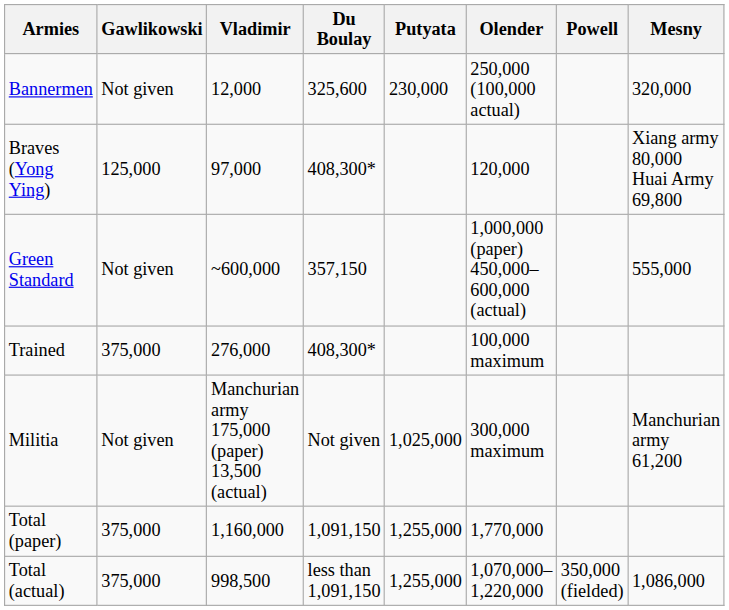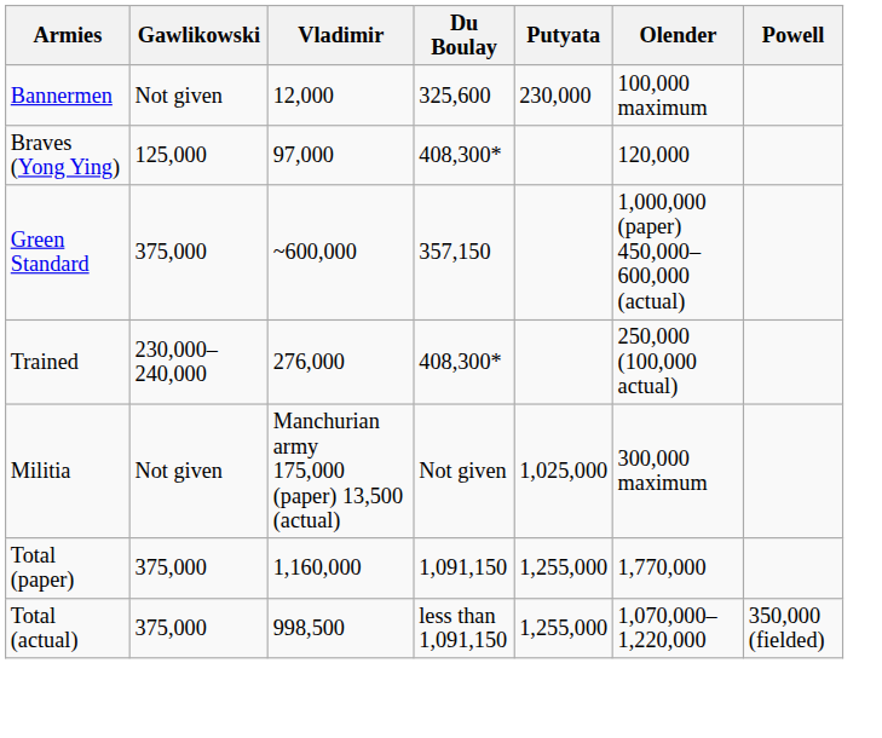 <table class="wikitable">
 <tr>
 <th>Armies</th>
 <th>Gawlikowski</th>
 <th>Vladimir</th>
 <th>Du Boulay</th>
 <th>Putyata</th>
 <th>Olender</th>
 <th>Powell</th>
-<th>Mesny</th>
 </tr>
 <tr>
 <td><a href='#'>Bannermen</a></td>
 <td>Not given</td>
 <td>12,000</td>
 <td>325,600</td>
 <td>230,000</td>
-<td>250,000<br>(100,000 actual)</td>
+<td>100,000 maximum</td>
 <td></td>
-<td>320,000</td>
 </tr>
 <tr>
 <td>Braves (<a href='#'>Yong Ying</a>)</td>
 <td>125,000</td>
 <td>97,000</td>
 <td>408,300*</td>
 <td></td>
 <td>120,000</td>
 <td></td>
-<td>Xiang army 80,000<br>Huai Army 69,800</td>
 </tr>
 <tr>
 <td><a href='#'>Green Standard</a></td>
-<td>Not given</td>
+<td>375,000</td>
 <td>~600,000</td>
 <td>357,150</td>
 <td></td>
 <td>1,000,000 (paper)<br>450,000–600,000 (actual)</td>
 <td></td>
-<td>555,000</td>
 </tr>
 <tr>
 <td>Trained</td>
-<td>375,000</td>
+<td>230,000–240,000</td>
 <td>276,000</td>
 <td>408,300*</td>
 <td></td>
-<td>100,000 maximum</td>
-<td></td>
+<td>250,000<br>(100,000 actual)</td>
 <td></td>
 </tr>
 <tr>
 <td>Militia</td>
 <td>Not given</td>
 <td>Manchurian army<br>175,000 (paper) 13,500 (actual)</td>
 <td>Not given</td>
 <td>1,025,000</td>
 <td>300,000 maximum</td>
 <td></td>
-<td>Manchurian army<br>61,200</td>
 </tr>
 <tr>
 <td>Total (paper)</td>
 <td>375,000</td>
 <td>1,160,000</td>
 <td>1,091,150</td>
 <td>1,255,000</td>
 <td>1,770,000</td>
-<td></td>
 <td></td>
 </tr>
 <tr>
 <td>Total (actual)</td>
 <td>375,000</td>
 <td>998,500</td>
 <td>less than<br>1,091,150</td>
 <td>1,255,000</td>
 <td>1,070,000–1,220,000</td>
 <td>350,000 (fielded)</td>
-<td>1,086,000</td>
 </tr>
 </table>
